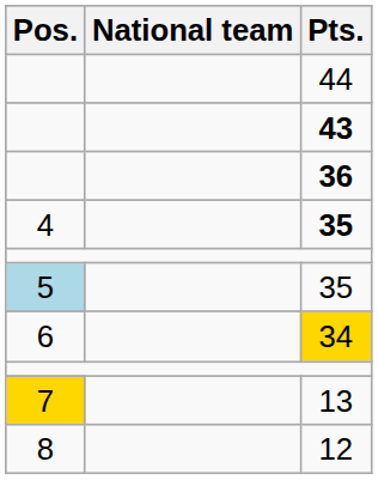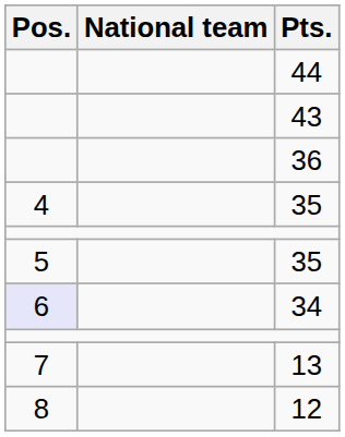 <table class=wikitable style="font-size: 95%">
 <tr>
 <th>Pos.</th>
 <th>National team</th>
 <th>Pts.</th>
 </tr>
 <tr align=center>
 <td></td>
 <td align=left></td>
 <td>44</td>
 </tr>
 <tr align=center>
 <td></td>
 <td align=left></td>
-<td><strong>43</strong></td>
+<td>43</td>
 </tr>
 <tr align=center>
 <td></td>
 <td align=left></td>
-<td><strong>36</strong></td>
+<td>36</td>
 </tr>
 <tr align=center>
 <td>4</td>
 <td align=left></td>
-<td><strong>35</strong></td>
+<td>35</td>
 </tr>
 <tr>
 <td colspan=3 ></td>
 </tr>
 <tr align=center>
-<td style="background: lightblue;">5</td>
+<td>5</td>
 <td align=left></td>
 <td>35</td>
 </tr>
 <tr align=center>
-<td>6</td>
+<td style="background: lavender;">6</td>
 <td align=left></td>
-<td style="background: gold;">34</td>
+<td>34</td>
 </tr>
 <tr>
 <td colspan=3 ></td>
 </tr>
 <tr align=center>
-<td style="background: gold;">7</td>
+<td>7</td>
 <td align=left></td>
 <td>13</td>
 </tr>
 <tr align=center>
 <td>8</td>
 <td align=left></td>
 <td>12</td>
 </tr>
 </table>
